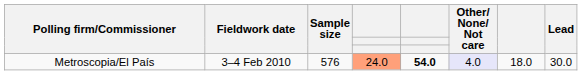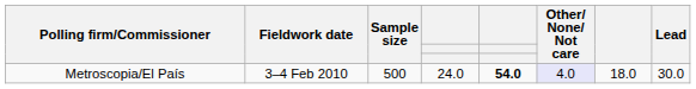 <table class="wikitable collapsible collapsed" style="text-align:center; font-size:90%; line-height:14px;">
 <tr style="height:42px;">
 <th style="width:250px;" rowspan="3">Polling firm/Commissioner</th>
 <th style="width:125px;" rowspan="3">Fieldwork date</th>
 <th style="width:50px;" rowspan="3">Sample size</th>
 <th style="width:55px;"></th>
 <th style="width:55px;"></th>
 <th style="width:55px;" rowspan="3">Other/<br>None/<br>Not<br>care</th>
 <th style="width:55px;" rowspan="3"></th>
 <th style="width:30px;" rowspan="3">Lead</th>
 </tr>
 <tr>
 <th style="color:inherit;background:"></th>
 <th style="color:inherit;background:"></th>
 </tr>
 <tr>
 <th></th>
 <th></th>
 </tr>
 <tr>
 <td>Metroscopia/El País</td>
 <td>3–4 Feb 2010</td>
-<td>576</td>
-<td style="background: lightsalmon;">24.0</td>
+<td>500</td>
+<td>24.0</td>
 <td><strong>54.0</strong></td>
 <td style="background: lavender;">4.0</td>
 <td>18.0</td>
 <td style="background:">30.0</td>
 </tr>
 </table>
